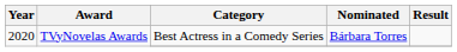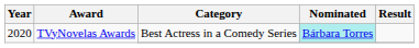 <table class="wikitable plainrowheaders">
 <tr>
 <th scope="col">Year</th>
 <th scope="col">Award</th>
 <th scope="col">Category</th>
 <th scope="col">Nominated</th>
 <th scope="col">Result</th>
 </tr>
 <tr>
 <td rowspan="3">2020</td>
 <td rowspan="3"><a href='#'>TVyNovelas Awards</a></td>
 <td>Best Actress in a Comedy Series</td>
-<td><a href='#'>Bárbara Torres</a></td>
+<td style="background: paleturquoise;"><a href='#'>Bárbara Torres</a></td>
 <td></td>
 </tr>
 <tr>
 </tr>
 </table>
